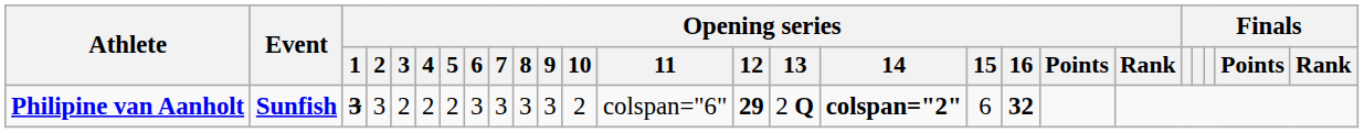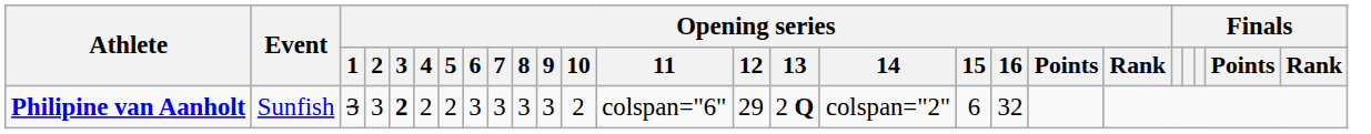 <table class=wikitable style=font-size:90%;text-align:center>
 <tr>
 <th rowspan=2>Athlete</th>
 <th rowspan=2>Event</th>
 <th colspan=18>Opening series</th>
 <th colspan=5>Finals</th>
 </tr>
 <tr style=font-size:95%>
 <th>1</th>
 <th>2</th>
 <th>3</th>
 <th>4</th>
 <th>5</th>
 <th>6</th>
 <th>7</th>
 <th>8</th>
 <th>9</th>
 <th>10</th>
 <th>11</th>
 <th>12</th>
 <th>13</th>
 <th>14</th>
 <th>15</th>
 <th>16</th>
 <th>Points</th>
 <th>Rank</th>
 <th></th>
 <th></th>
 <th> </th>
 <th>Points</th>
 <th>Rank</th>
 </tr>
 <tr>
 <td align=left><strong><a href='#'>Philipine van Aanholt</a></strong></td>
-<td align=left><strong><a href='#'>Sunfish</a></strong></td>
-<td><strong><s>3</s></strong></td>
+<td align=left><a href='#'>Sunfish</a></td>
+<td><s>3</s></td>
 <td>3</td>
-<td>2</td>
+<td><strong>2</strong></td>
 <td>2</td>
 <td>2</td>
 <td>3</td>
 <td>3</td>
 <td>3</td>
 <td>3</td>
 <td>2</td>
 <td>colspan="6" </td>
-<td><strong>29</strong></td>
+<td>29</td>
 <td>2 <strong>Q</strong></td>
-<td><strong>colspan="2" </strong></td>
+<td>colspan="2" </td>
 <td>6</td>
-<td><strong>32</strong></td>
+<td>32</td>
 <td></td>
 </tr>
 </table>
